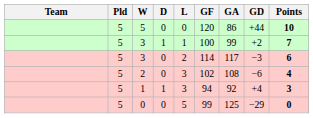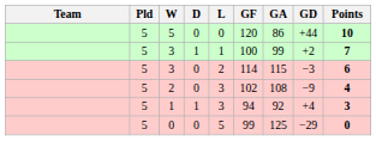 <table class=wikitable style="text-align:center" width="500">
 <tr>
 <th width=25%>Team</th>
 <th width=5%>Pld</th>
 <th width=5%>W</th>
 <th width=5%>D</th>
 <th width=5%>L</th>
 <th width=5%>GF</th>
 <th width=5%>GA</th>
 <th width=5%>GD</th>
 <th width=8%>Points</th>
 </tr>
 <tr bgcolor="#ccffcc">
 <td align="left"></td>
 <td>5</td>
 <td>5</td>
 <td>0</td>
 <td>0</td>
 <td>120</td>
 <td>86</td>
 <td>+44</td>
 <td><strong>10</strong></td>
 </tr>
 <tr bgcolor="#ccffcc">
 <td align="left"></td>
 <td>5</td>
 <td>3</td>
 <td>1</td>
 <td>1</td>
 <td>100</td>
 <td>99</td>
 <td>+2</td>
 <td><strong>7</strong></td>
 </tr>
 <tr bgcolor="#ffcccc">
 <td align="left"></td>
 <td>5</td>
 <td>3</td>
 <td>0</td>
 <td>2</td>
 <td>114</td>
-<td>117</td>
+<td>115</td>
 <td>−3</td>
 <td><strong>6</strong></td>
 </tr>
 <tr bgcolor="#ffcccc">
 <td align="left"></td>
 <td>5</td>
 <td>2</td>
 <td>0</td>
 <td>3</td>
 <td>102</td>
 <td>108</td>
-<td>−6</td>
+<td>−9</td>
 <td><strong>4</strong></td>
 </tr>
 <tr bgcolor="ffcccc">
 <td align="left"></td>
 <td>5</td>
 <td>1</td>
 <td>1</td>
 <td>3</td>
 <td>94</td>
 <td>92</td>
 <td>+4</td>
 <td><strong>3</strong></td>
 </tr>
 <tr bgcolor="ffcccc">
 <td align="left"></td>
 <td>5</td>
 <td>0</td>
 <td>0</td>
 <td>5</td>
 <td>99</td>
 <td>125</td>
 <td>−29</td>
 <td><strong>0</strong></td>
 </tr>
 </table>
